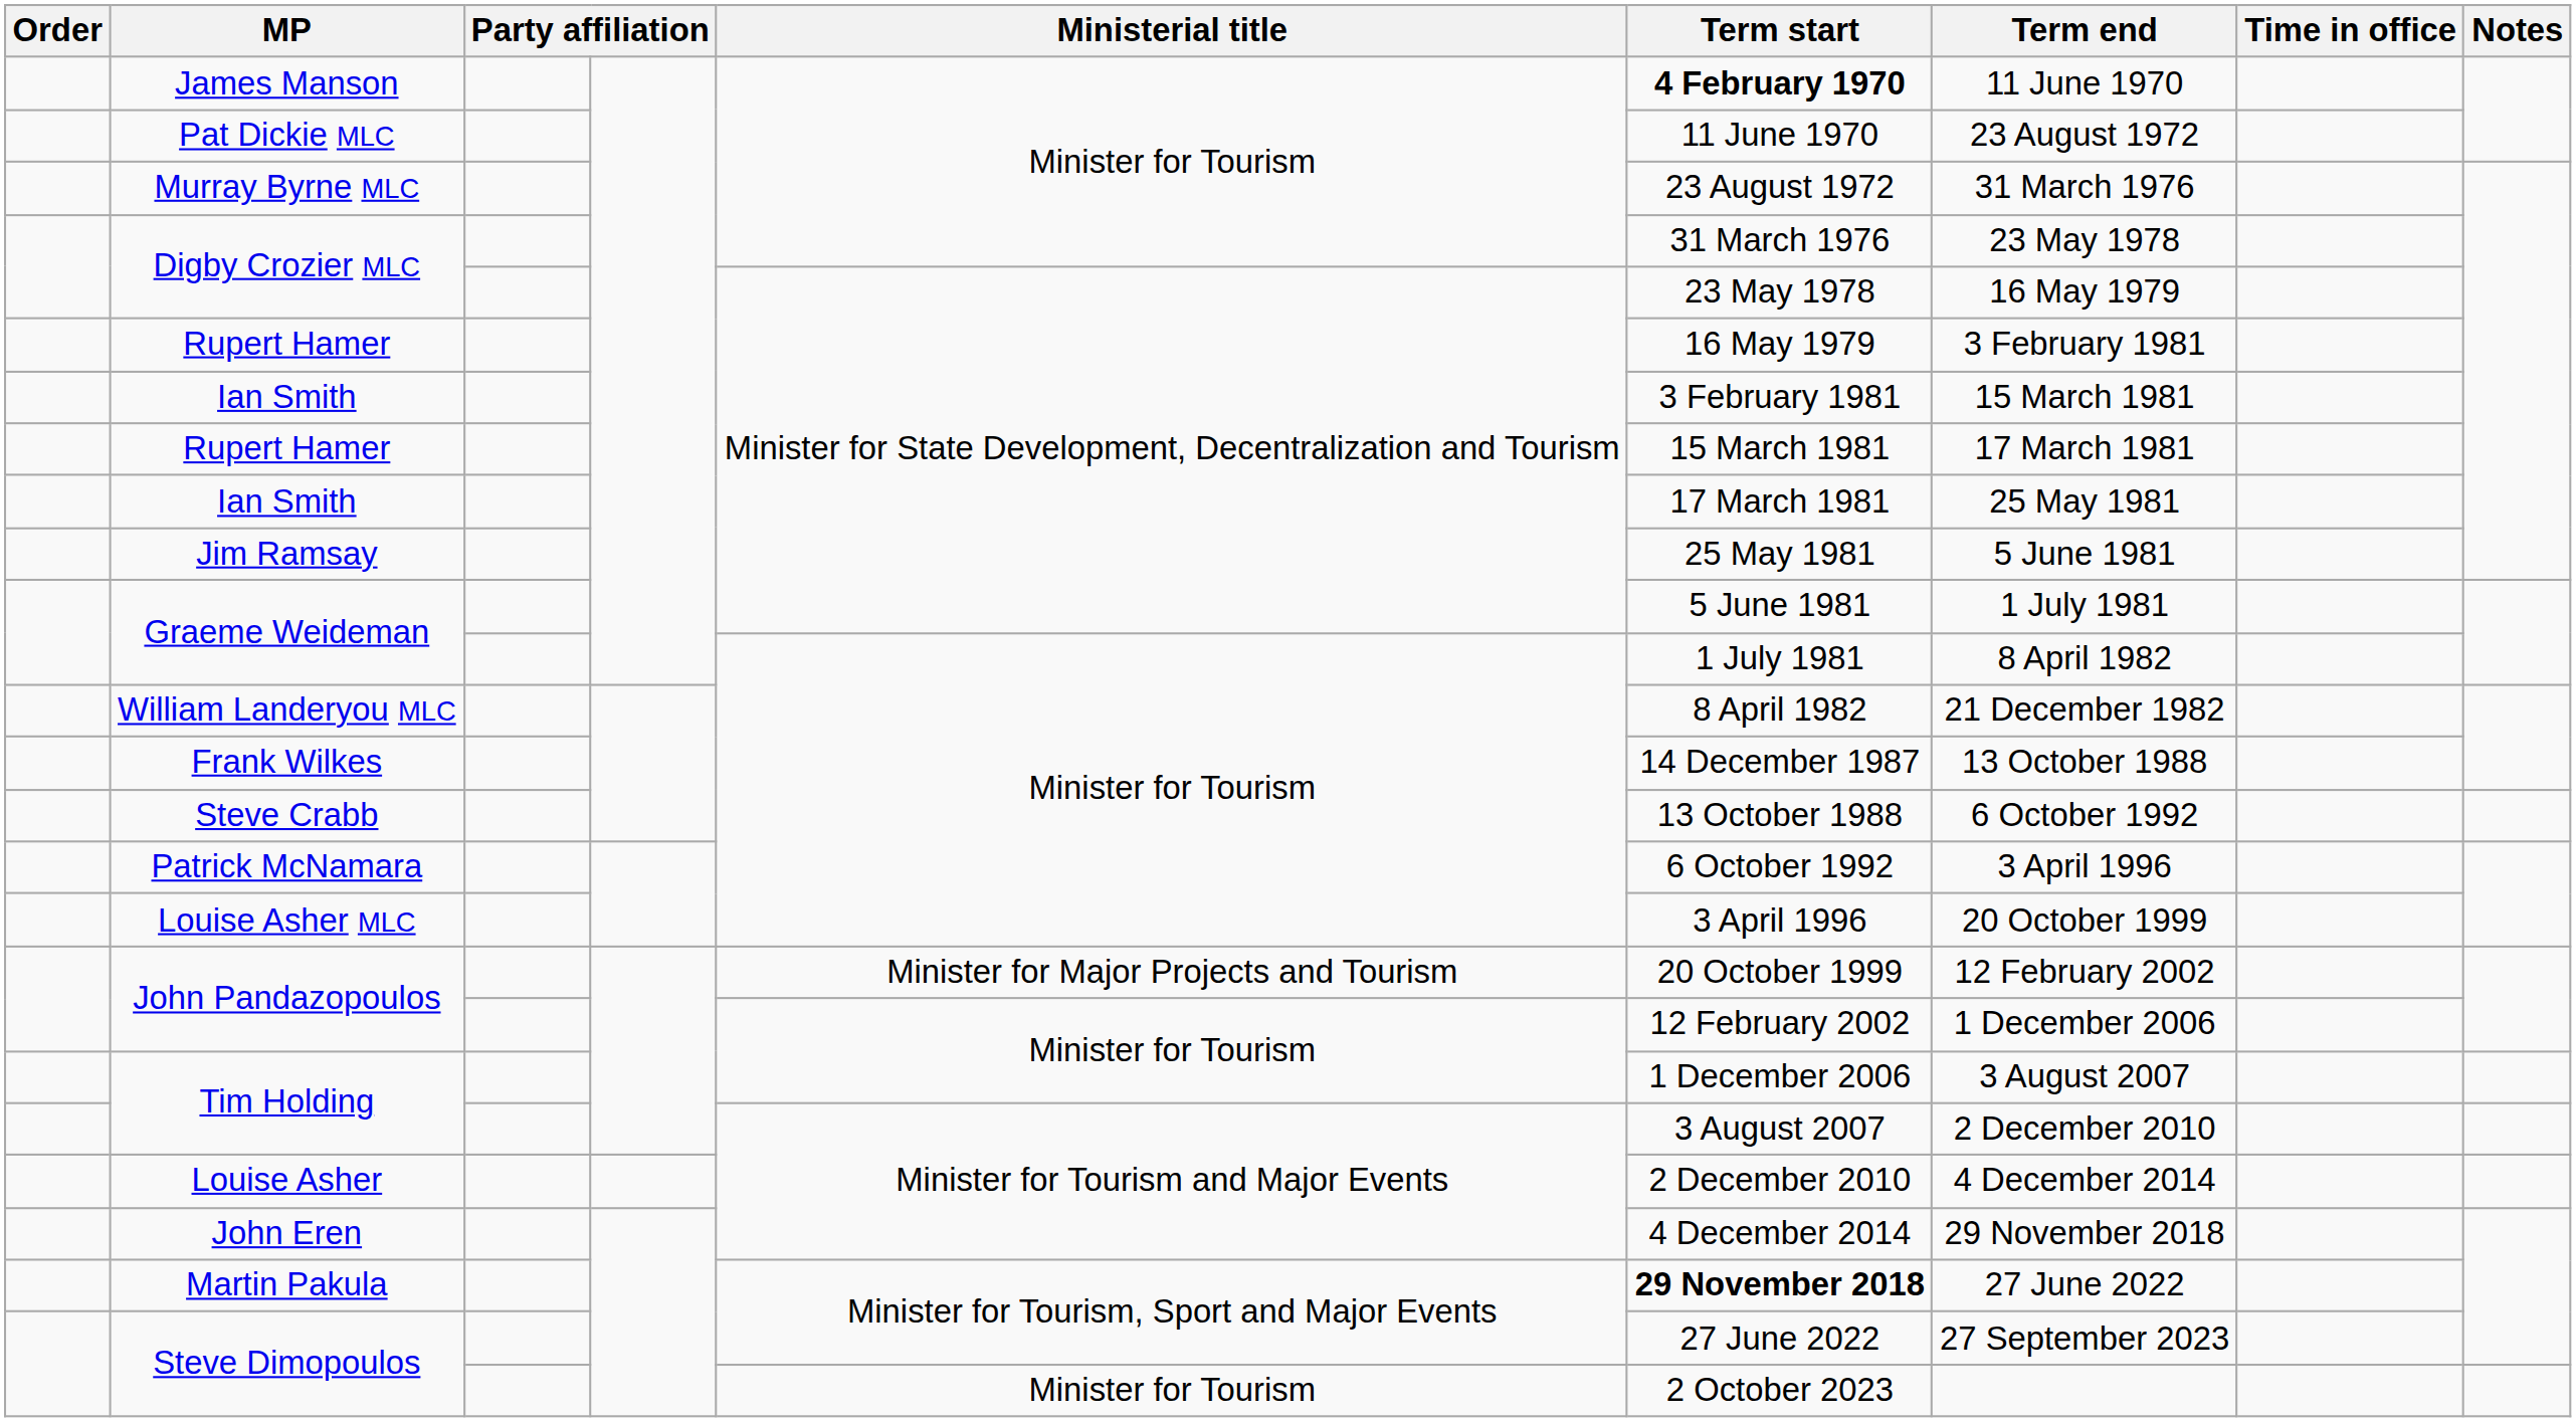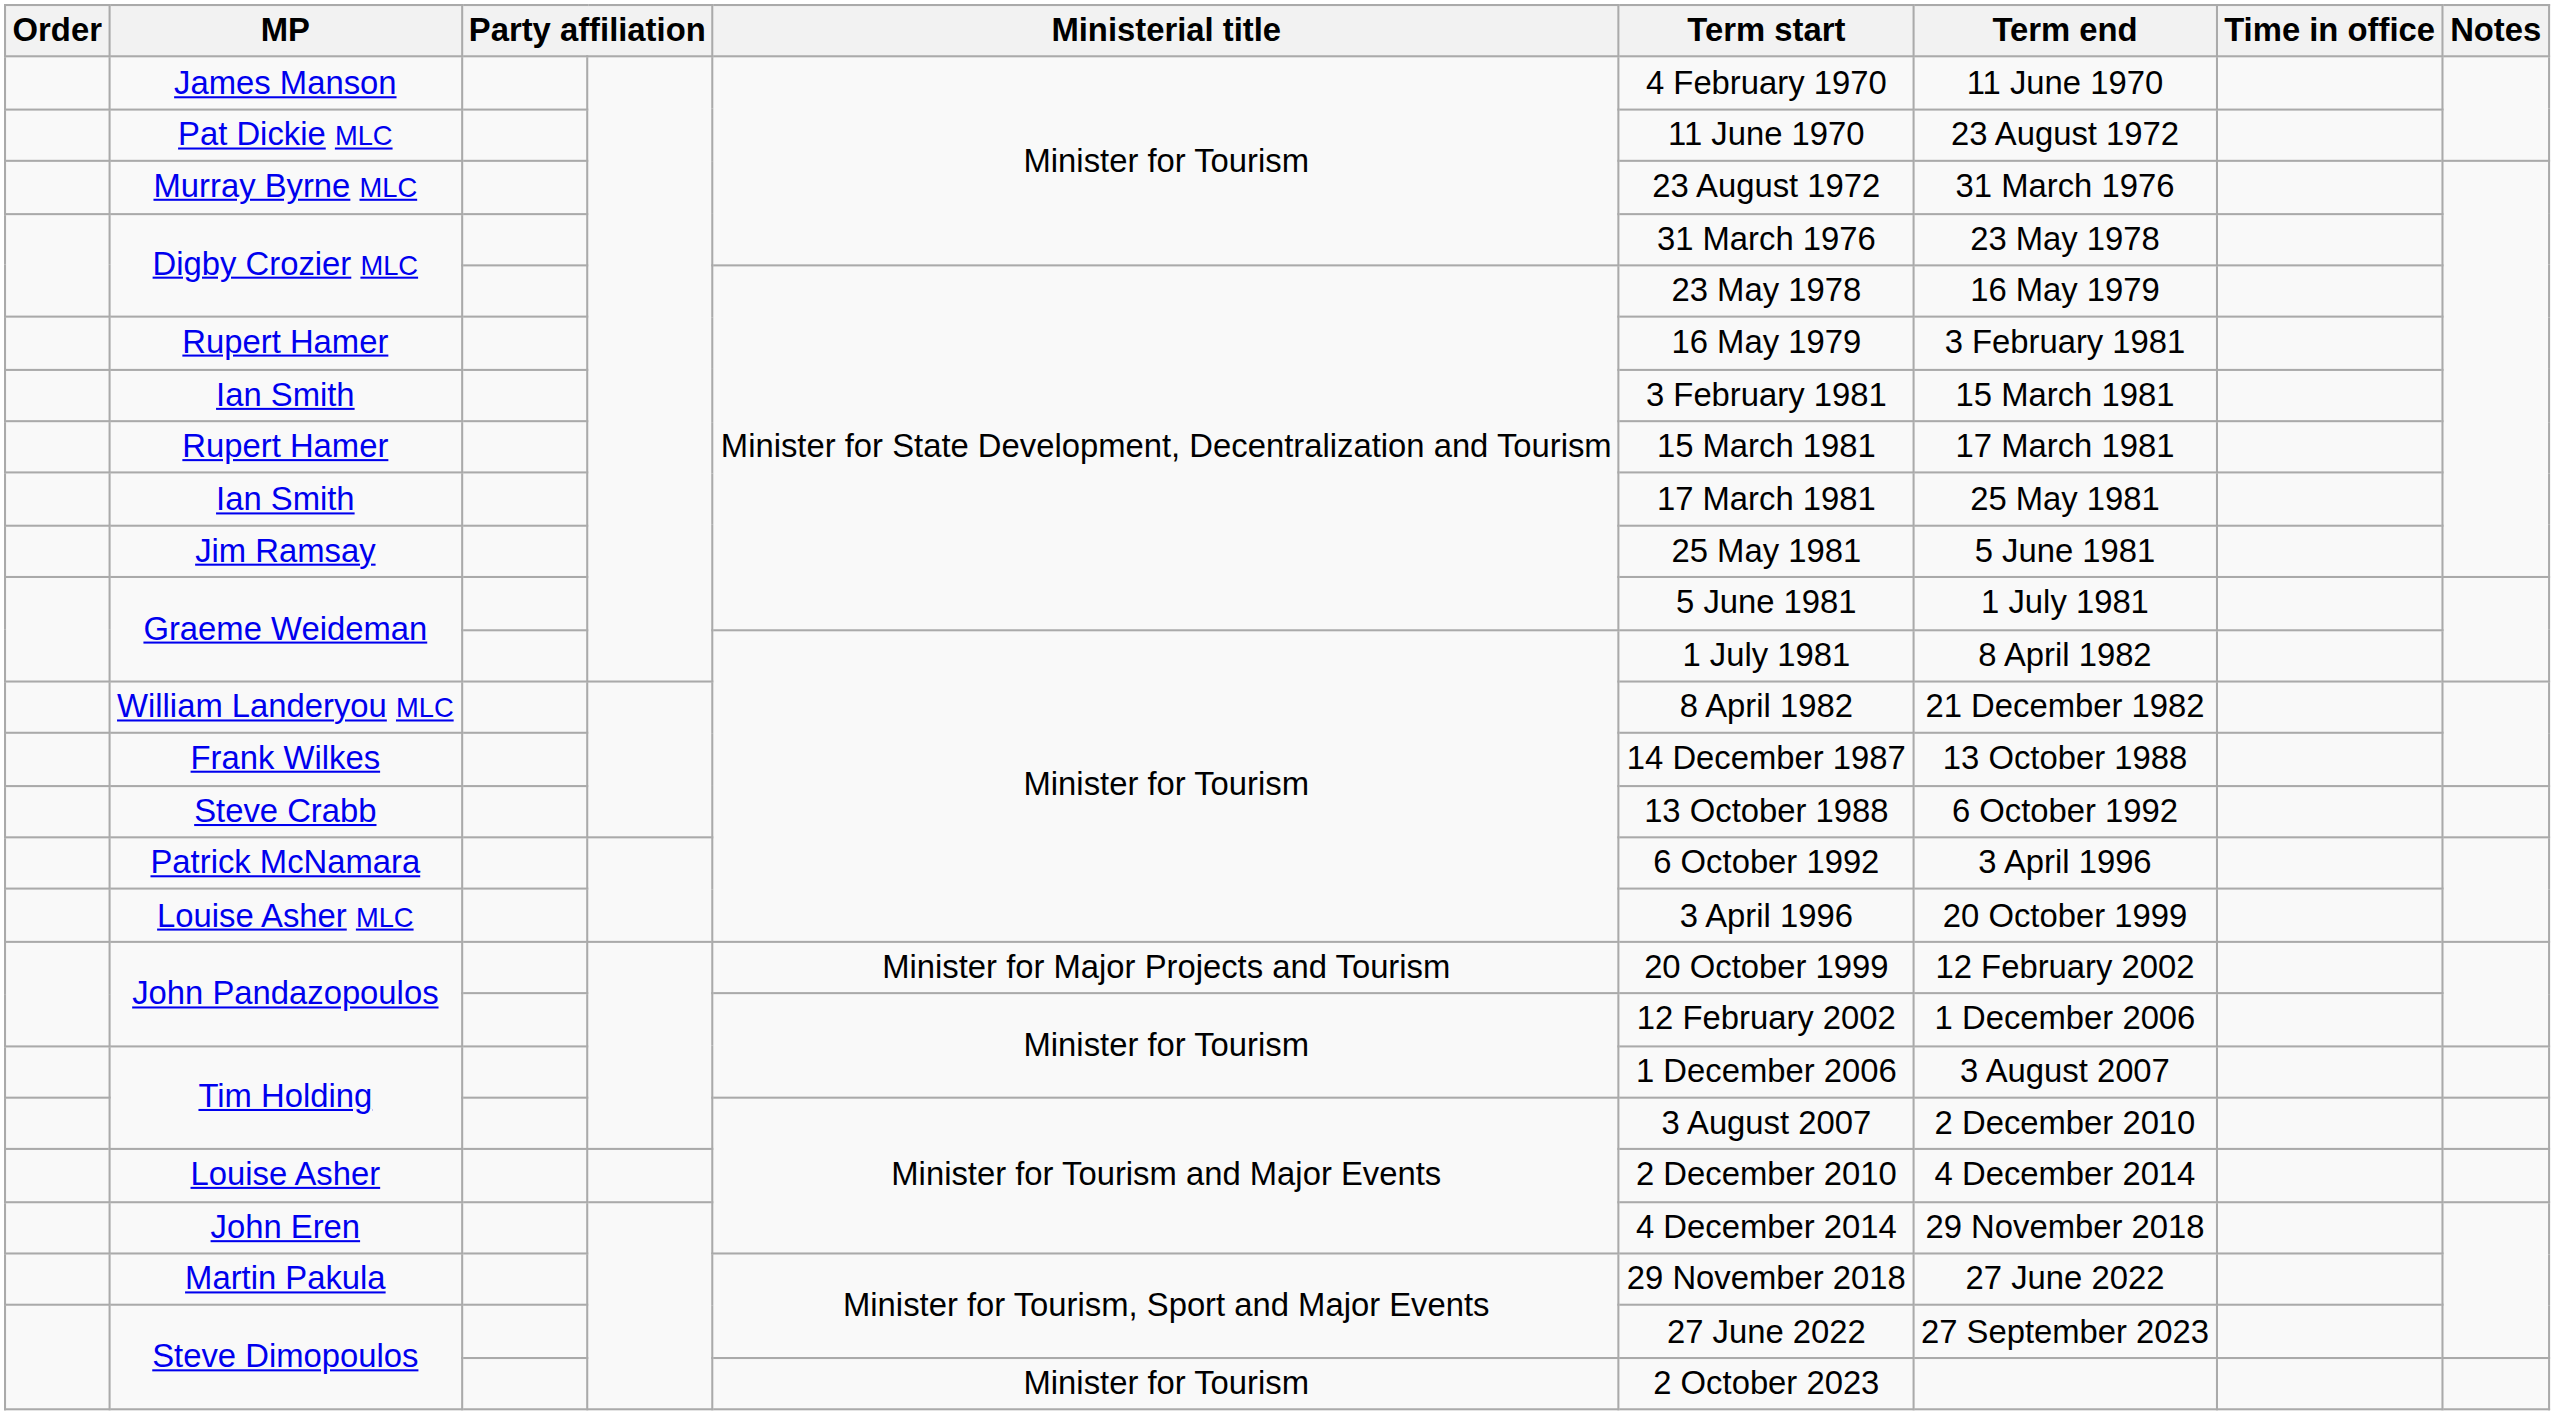 <table class="wikitable" style="text-align:center">
 <tr>
 <th>Order</th>
 <th>MP</th>
 <th colspan="2">Party affiliation</th>
 <th>Ministerial title</th>
 <th>Term start</th>
 <th>Term end</th>
 <th>Time in office</th>
 <th>Notes</th>
 </tr>
 <tr>
 <td></td>
 <td><a href='#'>James Manson</a> </td>
 <td></td>
 <td rowspan="12"></td>
 <td rowspan="4">Minister for Tourism</td>
-<td><strong>4 February 1970</strong></td>
+<td>4 February 1970</td>
 <td>11 June 1970</td>
 <td></td>
 <td rowspan="2"></td>
 </tr>
 <tr>
 <td></td>
 <td><a href='#'>Pat Dickie</a> <a href='#'><small>MLC</small></a></td>
 <td></td>
 <td>11 June 1970</td>
 <td>23 August 1972</td>
 <td></td>
 </tr>
 <tr>
 <td></td>
 <td><a href='#'>Murray Byrne</a> <a href='#'><small>MLC</small></a></td>
 <td></td>
 <td>23 August 1972</td>
 <td>31 March 1976</td>
 <td></td>
 <td rowspan="8"></td>
 </tr>
 <tr>
 <td rowspan="2"></td>
 <td rowspan="2"><a href='#'>Digby Crozier</a> <a href='#'><small>MLC</small></a></td>
 <td></td>
 <td>31 March 1976</td>
 <td>23 May 1978</td>
 <td></td>
 </tr>
 <tr>
 <td></td>
 <td rowspan="7">Minister for State Development, Decentralization and Tourism</td>
 <td>23 May 1978</td>
 <td>16 May 1979</td>
 <td></td>
 </tr>
 <tr>
 <td></td>
 <td><a href='#'>Rupert Hamer</a> </td>
 <td></td>
 <td>16 May 1979</td>
 <td>3 February 1981</td>
 <td></td>
 </tr>
 <tr>
 <td></td>
 <td><a href='#'>Ian Smith</a> </td>
 <td></td>
 <td>3 February 1981</td>
 <td>15 March 1981</td>
 <td></td>
 </tr>
 <tr>
 <td></td>
 <td><a href='#'>Rupert Hamer</a> </td>
 <td></td>
 <td>15 March 1981</td>
 <td>17 March 1981</td>
 <td></td>
 </tr>
 <tr>
 <td></td>
 <td><a href='#'>Ian Smith</a> </td>
 <td></td>
 <td>17 March 1981</td>
 <td>25 May 1981</td>
 <td></td>
 </tr>
 <tr>
 <td></td>
 <td><a href='#'>Jim Ramsay</a> </td>
 <td></td>
 <td>25 May 1981</td>
 <td>5 June 1981</td>
 <td></td>
 </tr>
 <tr>
 <td rowspan="2"></td>
 <td rowspan="2"><a href='#'>Graeme Weideman</a> </td>
 <td></td>
 <td>5 June 1981</td>
 <td>1 July 1981</td>
 <td></td>
 <td rowspan="2"></td>
 </tr>
 <tr>
 <td></td>
 <td rowspan="6">Minister for Tourism</td>
 <td>1 July 1981</td>
 <td>8 April 1982</td>
 <td></td>
 </tr>
 <tr>
 <td></td>
 <td><a href='#'>William Landeryou</a> <a href='#'><small>MLC</small></a></td>
 <td></td>
 <td rowspan="3"></td>
 <td>8 April 1982</td>
 <td>21 December 1982</td>
 <td></td>
 <td rowspan="2"></td>
 </tr>
 <tr>
 <td></td>
 <td><a href='#'>Frank Wilkes</a> </td>
 <td></td>
 <td>14 December 1987</td>
 <td>13 October 1988</td>
 <td></td>
 </tr>
 <tr>
 <td></td>
 <td><a href='#'>Steve Crabb</a> </td>
 <td></td>
 <td>13 October 1988</td>
 <td>6 October 1992</td>
 <td></td>
 <td></td>
 </tr>
 <tr>
 <td></td>
 <td><a href='#'>Patrick McNamara</a> </td>
 <td></td>
 <td rowspan="2"></td>
 <td>6 October 1992</td>
 <td>3 April 1996</td>
 <td></td>
 <td rowspan="2"></td>
 </tr>
 <tr>
 <td></td>
 <td><a href='#'>Louise Asher</a> <a href='#'><small>MLC</small></a></td>
 <td></td>
 <td>3 April 1996</td>
 <td>20 October 1999</td>
 <td></td>
 </tr>
 <tr>
 <td rowspan="2"></td>
 <td rowspan="2"><a href='#'>John Pandazopoulos</a> </td>
 <td></td>
 <td rowspan="4"></td>
 <td>Minister for Major Projects and Tourism</td>
 <td>20 October 1999</td>
 <td>12 February 2002</td>
 <td></td>
 <td rowspan="2"></td>
 </tr>
 <tr>
 <td></td>
 <td rowspan="2">Minister for Tourism</td>
 <td>12 February 2002</td>
 <td>1 December 2006</td>
 <td></td>
 </tr>
 <tr>
 <td></td>
 <td rowspan="2"><a href='#'>Tim Holding</a> </td>
 <td></td>
 <td>1 December 2006</td>
 <td>3 August 2007</td>
 <td></td>
 <td></td>
 </tr>
 <tr>
 <td></td>
 <td></td>
 <td rowspan="3">Minister for Tourism and Major Events</td>
 <td>3 August 2007</td>
 <td>2 December 2010</td>
 <td></td>
 <td></td>
 </tr>
 <tr>
 <td></td>
 <td><a href='#'>Louise Asher</a> </td>
 <td></td>
 <td></td>
 <td>2 December 2010</td>
 <td>4 December 2014</td>
 <td></td>
 <td></td>
 </tr>
 <tr>
 <td></td>
 <td><a href='#'>John Eren</a> </td>
 <td></td>
 <td rowspan="4"></td>
 <td>4 December 2014</td>
 <td>29 November 2018</td>
 <td></td>
 <td rowspan="3"></td>
 </tr>
 <tr>
 <td></td>
 <td><a href='#'>Martin Pakula</a> </td>
 <td></td>
 <td rowspan="2">Minister for Tourism, Sport and Major Events</td>
-<td><strong>29 November 2018</strong></td>
+<td>29 November 2018</td>
 <td>27 June 2022</td>
 <td></td>
 </tr>
 <tr>
 <td rowspan="2"></td>
 <td rowspan="2"><a href='#'>Steve Dimopoulos</a> </td>
 <td></td>
 <td>27 June 2022</td>
 <td>27 September 2023</td>
 <td></td>
 </tr>
 <tr>
 <td></td>
 <td>Minister for Tourism</td>
 <td>2 October 2023</td>
 <td></td>
 <td></td>
 <td></td>
 </tr>
 </table>
